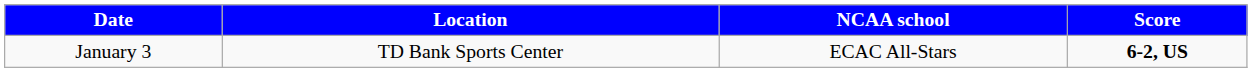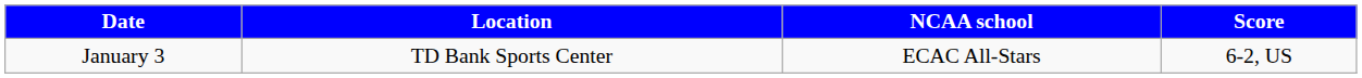 <table class="wikitable" style="width:80%;">
 <tr style="text-align:center; background:blue; color:#fff;">
 <td><strong>Date</strong></td>
 <td><strong>Location</strong></td>
 <td><strong>NCAA school</strong></td>
 <td><strong>Score</strong></td>
 </tr>
 <tr style="text-align:center;" bgcolor="">
 <td>January 3</td>
 <td>TD Bank Sports Center</td>
 <td>ECAC All-Stars</td>
-<td><strong>6-2, US</strong></td>
+<td>6-2, US</td>
 </tr>
 </table>
